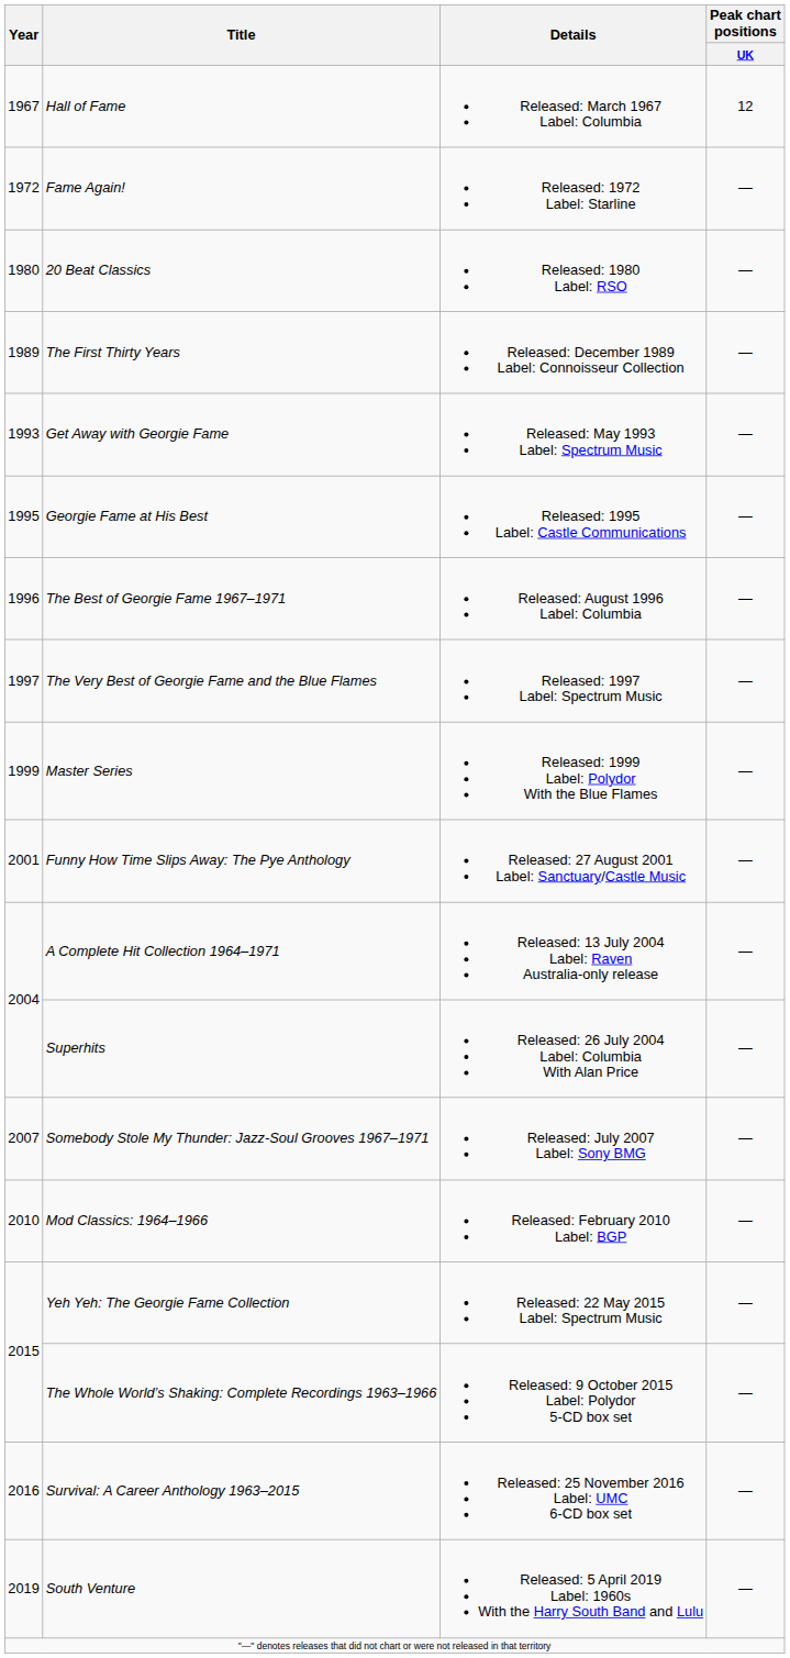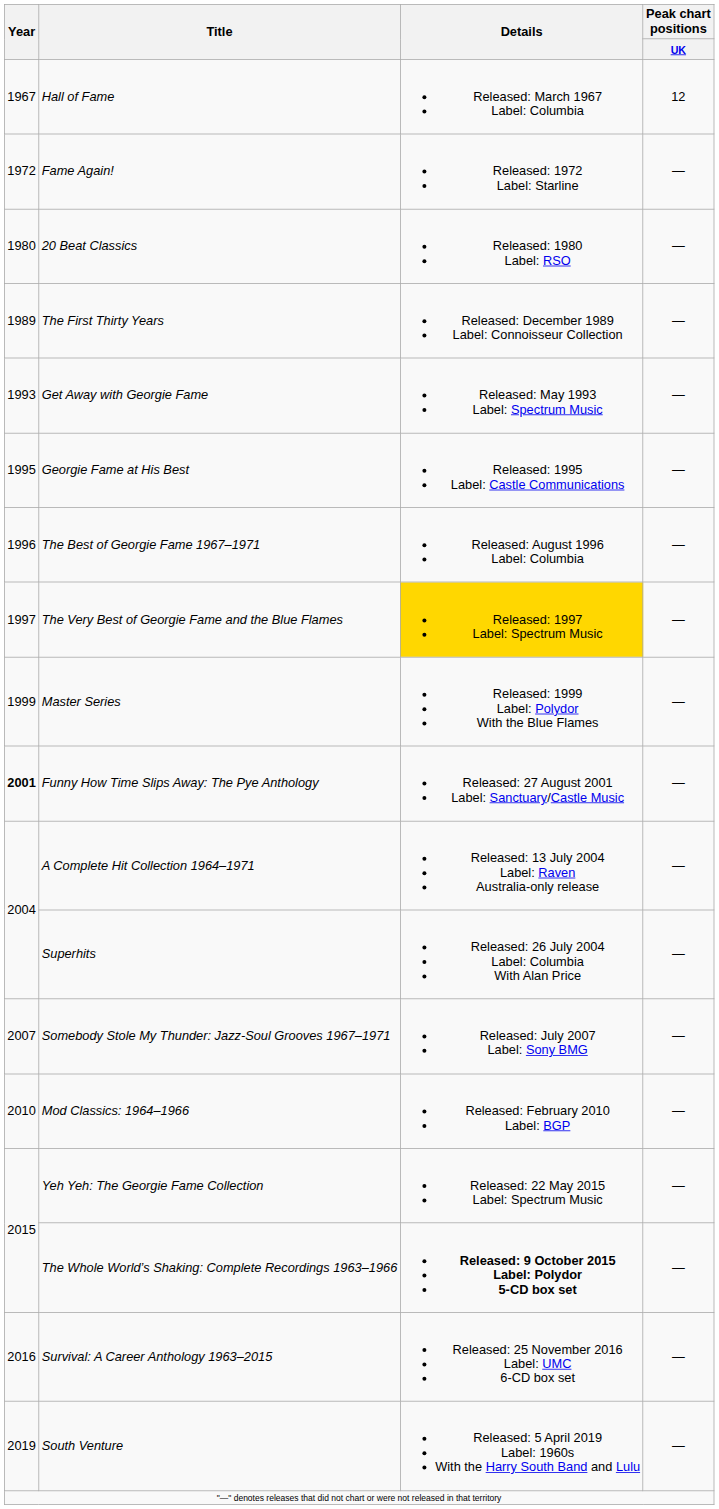 <table class="wikitable" style="text-align:center">
 <tr>
 <th rowspan="2">Year</th>
 <th rowspan="2">Title</th>
 <th rowspan="2">Details</th>
 <th>Peak chart<br>positions</th>
 </tr>
 <tr>
 <th><small><a href='#'>UK</a></small><br></th>
 </tr>
 <tr>
 <td>1967</td>
 <td align="left"><em>Hall of Fame</em></td>
 <td><br><ul><li>Released: March 1967</li><li>Label: Columbia</li></ul></td>
 <td>12</td>
 </tr>
 <tr>
 <td>1972</td>
 <td align="left"><em>Fame Again!</em></td>
 <td><br><ul><li>Released: 1972</li><li>Label: Starline</li></ul></td>
 <td>—</td>
 </tr>
 <tr>
 <td>1980</td>
 <td align="left"><em>20 Beat Classics</em></td>
 <td><br><ul><li>Released: 1980</li><li>Label: <a href='#'>RSO</a></li></ul></td>
 <td>—</td>
 </tr>
 <tr>
 <td>1989</td>
 <td align="left"><em>The First Thirty Years</em></td>
 <td><br><ul><li>Released: December 1989</li><li>Label: Connoisseur Collection</li></ul></td>
 <td>—</td>
 </tr>
 <tr>
 <td>1993</td>
 <td align="left"><em>Get Away with Georgie Fame</em></td>
 <td><br><ul><li>Released: May 1993</li><li>Label: <a href='#'>Spectrum Music</a></li></ul></td>
 <td>—</td>
 </tr>
 <tr>
 <td>1995</td>
 <td align="left"><em>Georgie Fame at His Best</em></td>
 <td><br><ul><li>Released: 1995</li><li>Label: <a href='#'>Castle Communications</a></li></ul></td>
 <td>—</td>
 </tr>
 <tr>
 <td>1996</td>
 <td align="left"><em>The Best of Georgie Fame 1967–1971</em></td>
 <td><br><ul><li>Released: August 1996</li><li>Label: Columbia</li></ul></td>
 <td>—</td>
 </tr>
 <tr>
 <td>1997</td>
 <td align="left"><em>The Very Best of Georgie Fame and the Blue Flames</em></td>
-<td><br><ul><li>Released: 1997</li><li>Label: Spectrum Music</li></ul></td>
+<td style="background: gold;"><br><ul><li>Released: 1997</li><li>Label: Spectrum Music</li></ul></td>
 <td>—</td>
 </tr>
 <tr>
 <td>1999</td>
 <td align="left"><em>Master Series</em></td>
 <td><br><ul><li>Released: 1999</li><li>Label: <a href='#'>Polydor</a></li><li>With the Blue Flames</li></ul></td>
 <td>—</td>
 </tr>
 <tr>
-<td>2001</td>
+<td><strong>2001</strong></td>
 <td align="left"><em>Funny How Time Slips Away: The Pye Anthology</em></td>
 <td><br><ul><li>Released: 27 August 2001</li><li>Label: <a href='#'>Sanctuary</a>/<a href='#'>Castle Music</a></li></ul></td>
 <td>—</td>
 </tr>
 <tr>
 <td rowspan="2">2004</td>
 <td align="left"><em>A Complete Hit Collection 1964–1971</em></td>
 <td><br><ul><li>Released: 13 July 2004</li><li>Label: <a href='#'>Raven</a></li><li>Australia-only release</li></ul></td>
 <td>—</td>
 </tr>
 <tr>
 <td align="left"><em>Superhits</em></td>
 <td><br><ul><li>Released: 26 July 2004</li><li>Label: Columbia</li><li>With Alan Price</li></ul></td>
 <td>—</td>
 </tr>
 <tr>
 <td>2007</td>
 <td align="left"><em>Somebody Stole My Thunder: Jazz-Soul Grooves 1967–1971</em></td>
 <td><br><ul><li>Released: July 2007</li><li>Label: <a href='#'>Sony BMG</a></li></ul></td>
 <td>—</td>
 </tr>
 <tr>
 <td>2010</td>
 <td align="left"><em>Mod Classics: 1964–1966</em></td>
 <td><br><ul><li>Released: February 2010</li><li>Label: <a href='#'>BGP</a></li></ul></td>
 <td>—</td>
 </tr>
 <tr>
 <td rowspan="2">2015</td>
 <td align="left"><em>Yeh Yeh: The Georgie Fame Collection</em></td>
 <td><br><ul><li>Released: 22 May 2015</li><li>Label: Spectrum Music</li></ul></td>
 <td>—</td>
 </tr>
 <tr>
 <td align="left"><em>The Whole World’s Shaking: Complete Recordings 1963–1966</em></td>
-<td><br><ul><li>Released: 9 October 2015</li><li>Label: Polydor</li><li>5-CD box set</li></ul></td>
+<td><strong><br><ul><li>Released: 9 October 2015</li><li>Label: Polydor</li><li>5-CD box set</li></ul></strong></td>
 <td>—</td>
 </tr>
 <tr>
 <td>2016</td>
 <td align="left"><em>Survival: A Career Anthology 1963–2015</em></td>
 <td><br><ul><li>Released: 25 November 2016</li><li>Label: <a href='#'>UMC</a></li><li>6-CD box set</li></ul></td>
 <td>—</td>
 </tr>
 <tr>
 <td>2019</td>
 <td align="left"><em>South Venture</em></td>
 <td><br><ul><li>Released: 5 April 2019</li><li>Label: 1960s</li><li>With the <a href='#'>Harry South Band</a> and <a href='#'>Lulu</a></li></ul></td>
 <td>—</td>
 </tr>
 <tr>
 <td colspan="4" style="font-size:8pt">"—" denotes releases that did not chart or were not released in that territory</td>
 </tr>
 </table>
